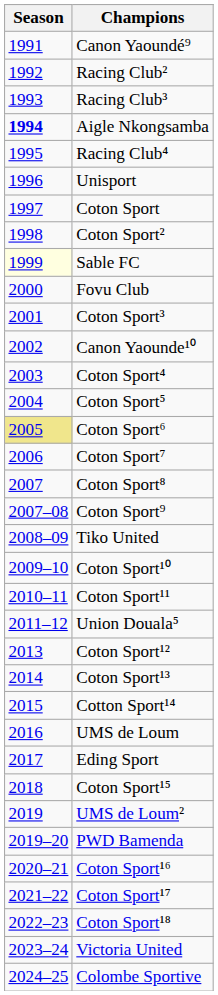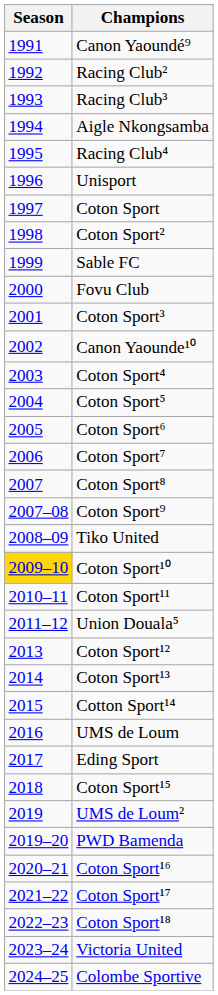 <table class=wikitable>
 <tr>
 <th>Season</th>
 <th>Champions</th>
 </tr>
 <tr>
 <td><a href='#'>1991</a></td>
 <td>Canon Yaoundé⁹</td>
 </tr>
 <tr>
 <td><a href='#'>1992</a></td>
 <td>Racing Club²</td>
 </tr>
 <tr>
 <td><a href='#'>1993</a></td>
 <td>Racing Club³</td>
 </tr>
 <tr>
-<td><strong><a href='#'>1994</a></strong></td>
+<td><a href='#'>1994</a></td>
 <td>Aigle Nkongsamba</td>
 </tr>
 <tr>
 <td><a href='#'>1995</a></td>
 <td>Racing Club⁴</td>
 </tr>
 <tr>
 <td><a href='#'>1996</a></td>
 <td>Unisport</td>
 </tr>
 <tr>
 <td><a href='#'>1997</a></td>
 <td>Coton Sport</td>
 </tr>
 <tr>
 <td><a href='#'>1998</a></td>
 <td>Coton Sport²</td>
 </tr>
 <tr>
-<td style="background: lightyellow;"><a href='#'>1999</a></td>
+<td><a href='#'>1999</a></td>
 <td>Sable FC</td>
 </tr>
 <tr>
 <td><a href='#'>2000</a></td>
 <td>Fovu Club</td>
 </tr>
 <tr>
 <td><a href='#'>2001</a></td>
 <td>Coton Sport³</td>
 </tr>
 <tr>
 <td><a href='#'>2002</a></td>
 <td>Canon Yaounde¹⁰</td>
 </tr>
 <tr>
 <td><a href='#'>2003</a></td>
 <td>Coton Sport⁴</td>
 </tr>
 <tr>
 <td><a href='#'>2004</a></td>
 <td>Coton Sport⁵</td>
 </tr>
 <tr>
-<td style="background: khaki;"><a href='#'>2005</a></td>
+<td><a href='#'>2005</a></td>
 <td>Coton Sport⁶</td>
 </tr>
 <tr>
 <td><a href='#'>2006</a></td>
 <td>Coton Sport⁷</td>
 </tr>
 <tr>
 <td><a href='#'>2007</a></td>
 <td>Coton Sport⁸</td>
 </tr>
 <tr>
 <td><a href='#'>2007–08</a></td>
 <td>Coton Sport⁹</td>
 </tr>
 <tr>
 <td><a href='#'>2008–09</a></td>
 <td>Tiko United</td>
 </tr>
 <tr>
-<td><a href='#'>2009–10</a></td>
+<td style="background: gold;"><a href='#'>2009–10</a></td>
 <td>Coton Sport¹⁰</td>
 </tr>
 <tr>
 <td><a href='#'>2010–11</a></td>
 <td>Coton Sport¹¹</td>
 </tr>
 <tr>
 <td><a href='#'>2011–12</a></td>
 <td>Union Douala⁵</td>
 </tr>
 <tr>
 <td><a href='#'>2013</a></td>
 <td>Coton Sport¹²</td>
 </tr>
 <tr>
 <td><a href='#'>2014</a></td>
 <td>Coton Sport¹³</td>
 </tr>
 <tr>
 <td><a href='#'>2015</a></td>
 <td>Cotton Sport¹⁴</td>
 </tr>
 <tr>
 <td><a href='#'>2016</a></td>
 <td>UMS de Loum</td>
 </tr>
 <tr>
 <td><a href='#'>2017</a></td>
 <td>Eding Sport</td>
 </tr>
 <tr>
 <td><a href='#'>2018</a></td>
 <td>Coton Sport¹⁵</td>
 </tr>
 <tr>
 <td><a href='#'>2019</a></td>
 <td><a href='#'>UMS de Loum</a>²</td>
 </tr>
 <tr>
 <td><a href='#'>2019–20</a></td>
 <td><a href='#'>PWD Bamenda</a></td>
 </tr>
 <tr>
 <td><a href='#'>2020–21</a></td>
 <td><a href='#'>Coton Sport</a>¹⁶</td>
 </tr>
 <tr>
 <td><a href='#'>2021–22</a></td>
 <td><a href='#'>Coton Sport</a>¹⁷</td>
 </tr>
 <tr>
 <td><a href='#'>2022–23</a></td>
 <td><a href='#'>Coton Sport</a>¹⁸</td>
 </tr>
 <tr>
 <td><a href='#'>2023–24</a></td>
 <td><a href='#'>Victoria United</a></td>
 </tr>
 <tr>
 <td><a href='#'>2024–25</a></td>
 <td><a href='#'>Colombe Sportive</a></td>
 </tr>
 </table>
